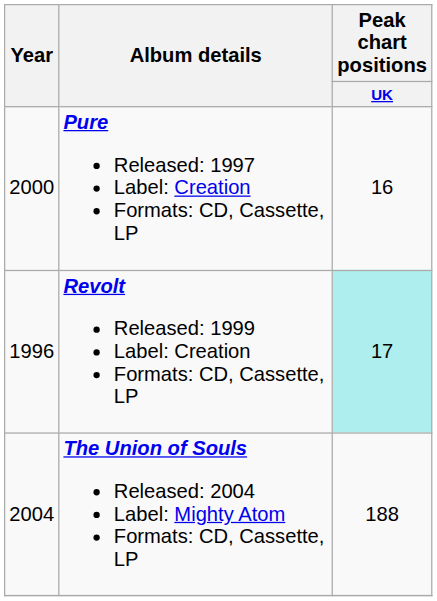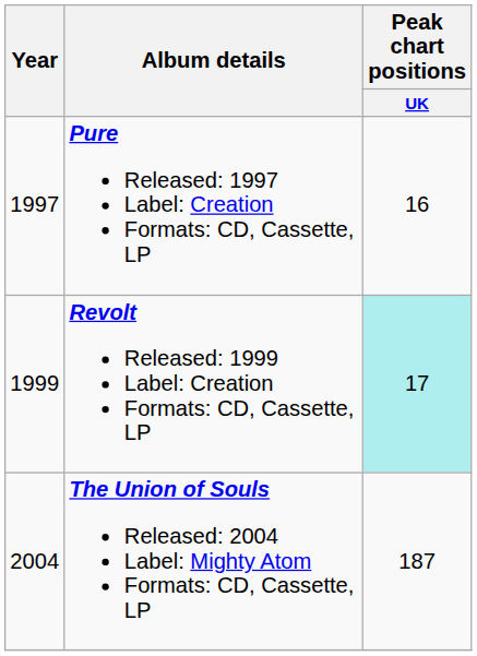 <table class="wikitable" style="text-align:center;">
 <tr>
 <th rowspan="2">Year</th>
 <th width="210" rowspan="2">Album details</th>
 <th colspan="1">Peak chart positions</th>
 </tr>
 <tr>
 <th style="width:3em;font-size:75%;"><a href='#'>UK</a></th>
 </tr>
 <tr>
-<td>2000</td>
+<td>1997</td>
 <td align="left"><strong><em><a href='#'>Pure</a></em></strong><br><ul><li>Released: 1997</li><li>Label: <a href='#'>Creation</a></li><li>Formats: CD, Cassette, LP</li></ul></td>
 <td>16</td>
 </tr>
 <tr>
-<td>1996</td>
+<td>1999</td>
 <td align="left"><strong><em><a href='#'>Revolt</a></em></strong><br><ul><li>Released: 1999</li><li>Label: Creation</li><li>Formats: CD, Cassette, LP</li></ul></td>
 <td style="background: paleturquoise;">17</td>
 </tr>
 <tr>
 <td>2004</td>
 <td align="left"><strong><em><a href='#'>The Union of Souls</a></em></strong><br><ul><li>Released: 2004</li><li>Label: <a href='#'>Mighty Atom</a></li><li>Formats: CD, Cassette, LP</li></ul></td>
-<td>188</td>
+<td>187</td>
 </tr>
 <tr>
 </tr>
 </table>
